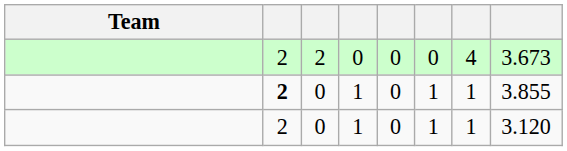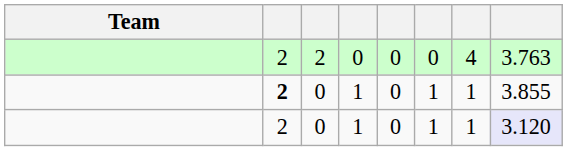 <table class="wikitable" style="text-align:center">
 <tr>
 <th width=180>Team</th>
 <th width=20></th>
 <th width=20></th>
 <th width=20></th>
 <th width=20></th>
 <th width=20></th>
 <th width=20></th>
 <th width=45></th>
 </tr>
 <tr style="background:#cfc">
 <td align="left"></td>
 <td>2</td>
 <td>2</td>
 <td>0</td>
 <td>0</td>
 <td>0</td>
 <td>4</td>
-<td>3.673</td>
+<td>3.763</td>
 </tr>
 <tr>
 <td align="left"></td>
 <td><strong>2</strong></td>
 <td>0</td>
 <td>1</td>
 <td>0</td>
 <td>1</td>
 <td>1</td>
 <td>3.855</td>
 </tr>
 <tr>
 <td align="left"></td>
 <td>2</td>
 <td>0</td>
 <td>1</td>
 <td>0</td>
 <td>1</td>
 <td>1</td>
-<td>3.120</td>
+<td style="background: lavender;">3.120</td>
 </tr>
 </table>
